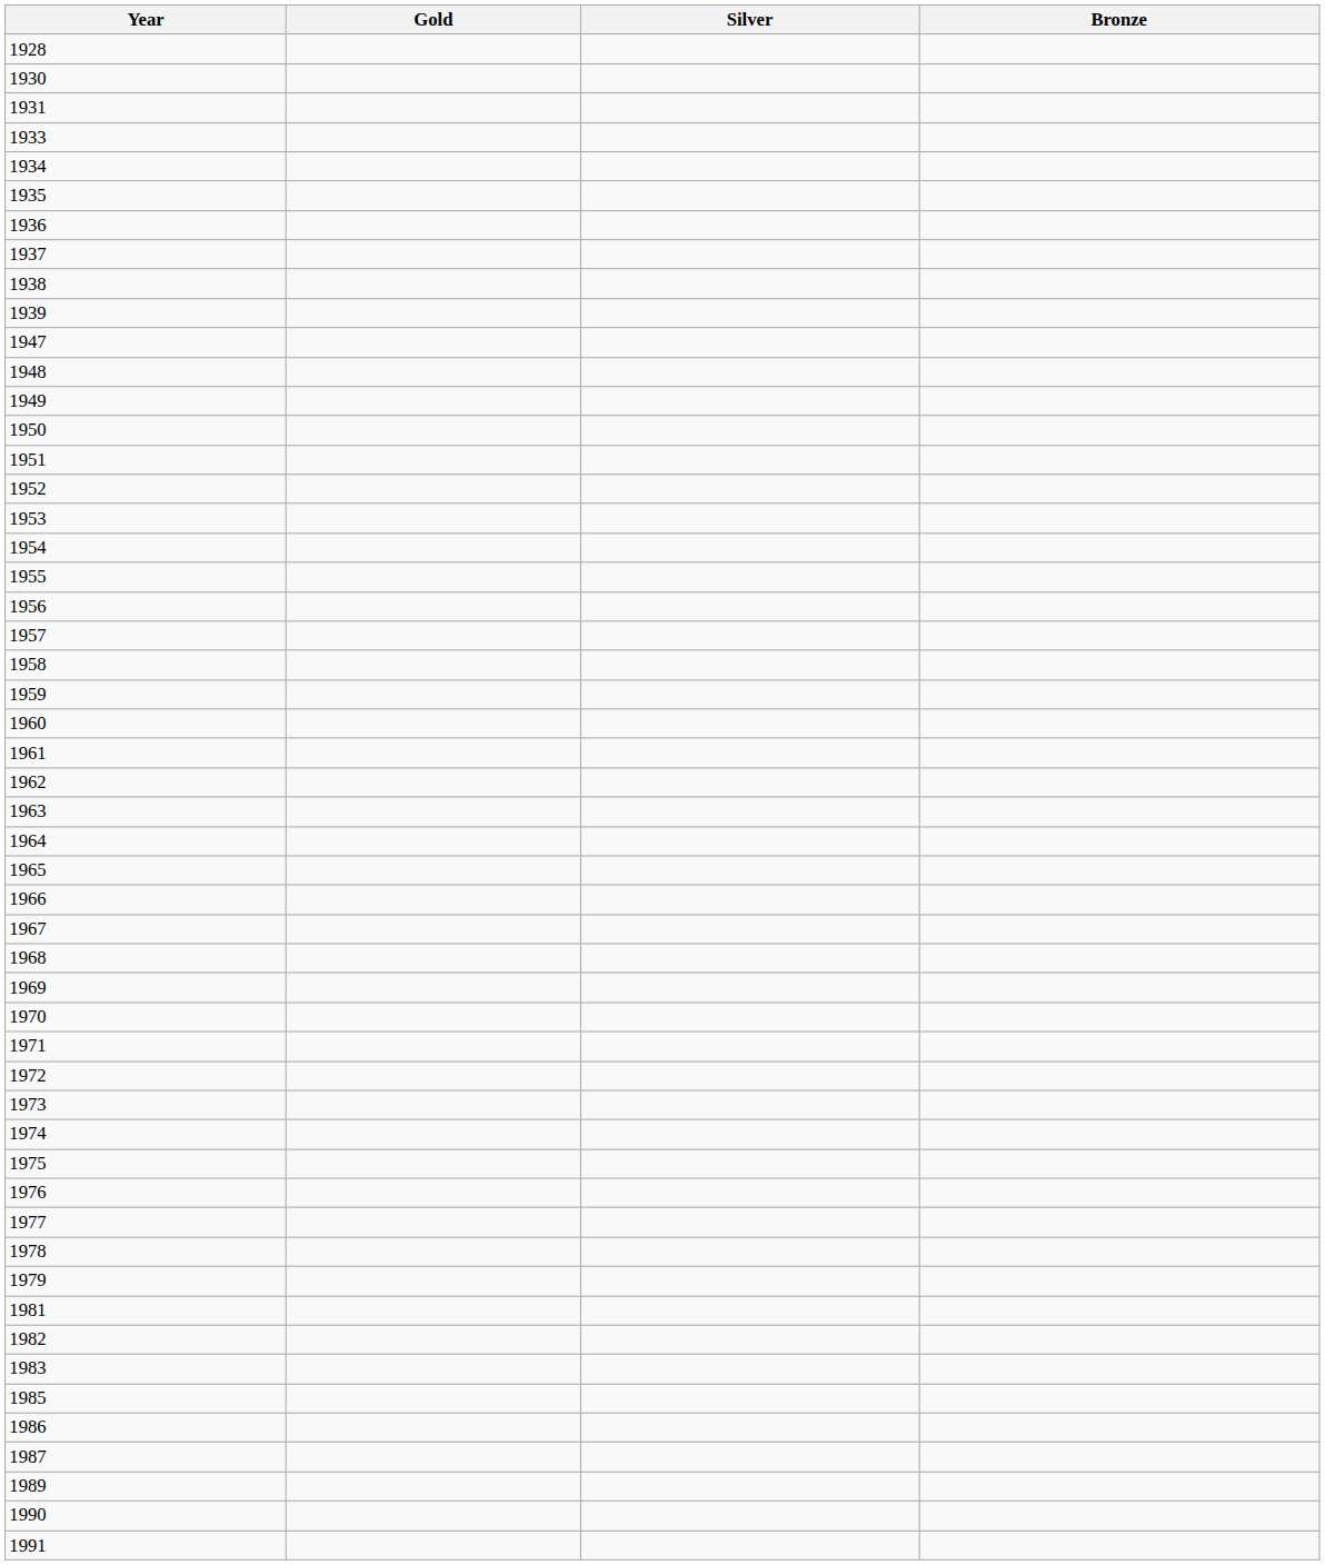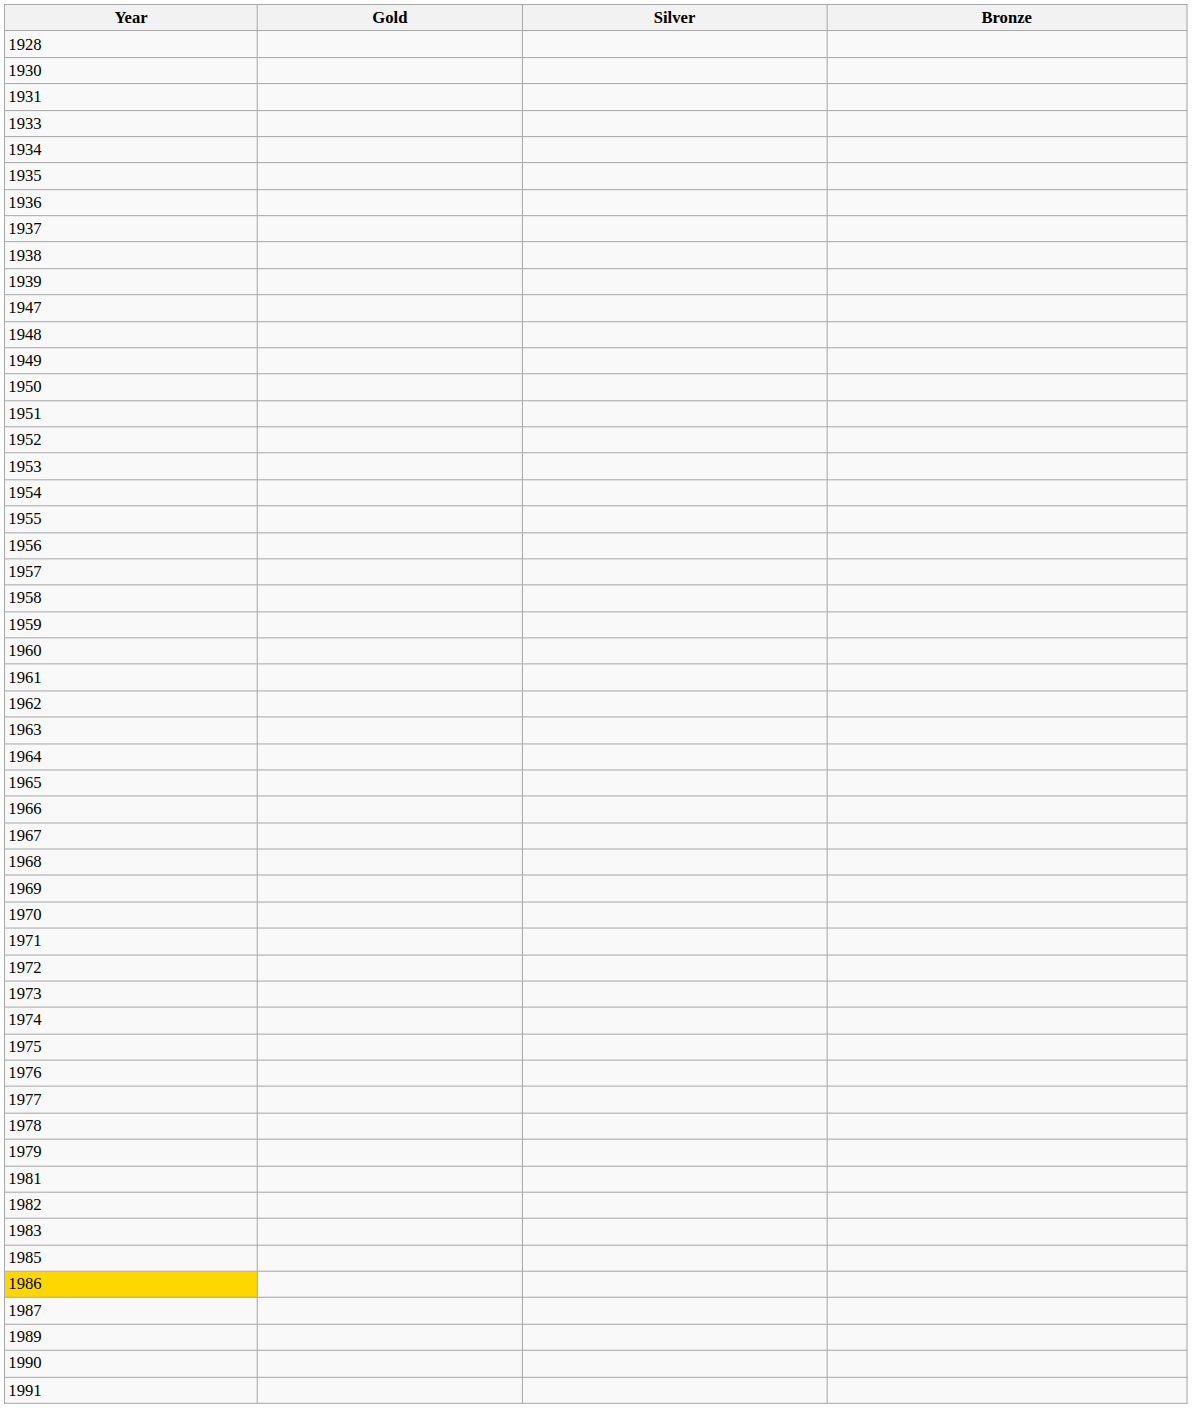 <table class="wikitable sortable" width="90%">
 <tr bgcolor="#efefef" align=left>
 <th>Year</th>
 <th>Gold</th>
 <th>Silver</th>
 <th>Bronze</th>
 </tr>
 <tr>
 <td>1928</td>
 <td></td>
 <td></td>
 <td></td>
 </tr>
 <tr>
 <td>1930</td>
 <td></td>
 <td></td>
 <td></td>
 </tr>
 <tr>
 <td>1931</td>
 <td></td>
 <td></td>
 <td></td>
 </tr>
 <tr>
 <td>1933</td>
 <td></td>
 <td></td>
 <td><br></td>
 </tr>
 <tr>
 <td>1934</td>
 <td></td>
 <td></td>
 <td></td>
 </tr>
 <tr>
 <td>1935</td>
 <td></td>
 <td></td>
 <td></td>
 </tr>
 <tr>
 <td>1936</td>
 <td></td>
 <td></td>
 <td><br></td>
 </tr>
 <tr>
 <td>1937</td>
 <td></td>
 <td></td>
 <td></td>
 </tr>
 <tr>
 <td>1938</td>
 <td></td>
 <td></td>
 <td></td>
 </tr>
 <tr>
 <td>1939</td>
 <td></td>
 <td></td>
 <td></td>
 </tr>
 <tr>
 <td>1947</td>
 <td></td>
 <td></td>
 <td></td>
 </tr>
 <tr>
 <td>1948</td>
 <td></td>
 <td></td>
 <td></td>
 </tr>
 <tr>
 <td>1949</td>
 <td></td>
 <td></td>
 <td></td>
 </tr>
 <tr>
 <td>1950</td>
 <td></td>
 <td></td>
 <td></td>
 </tr>
 <tr>
 <td>1951</td>
 <td></td>
 <td></td>
 <td></td>
 </tr>
 <tr>
 <td>1952</td>
 <td></td>
 <td></td>
 <td></td>
 </tr>
 <tr>
 <td>1953</td>
 <td></td>
 <td></td>
 <td></td>
 </tr>
 <tr>
 <td>1954</td>
 <td></td>
 <td></td>
 <td></td>
 </tr>
 <tr>
 <td>1955</td>
 <td></td>
 <td></td>
 <td></td>
 </tr>
 <tr>
 <td>1956</td>
 <td></td>
 <td></td>
 <td></td>
 </tr>
 <tr>
 <td>1957</td>
 <td></td>
 <td></td>
 <td></td>
 </tr>
 <tr>
 <td>1958</td>
 <td></td>
 <td></td>
 <td></td>
 </tr>
 <tr>
 <td>1959</td>
 <td></td>
 <td></td>
 <td></td>
 </tr>
 <tr>
 <td>1960</td>
 <td></td>
 <td></td>
 <td></td>
 </tr>
 <tr>
 <td>1961</td>
 <td></td>
 <td></td>
 <td></td>
 </tr>
 <tr>
 <td>1962</td>
 <td></td>
 <td></td>
 <td></td>
 </tr>
 <tr>
 <td>1963</td>
 <td></td>
 <td></td>
 <td></td>
 </tr>
 <tr>
 <td>1964</td>
 <td></td>
 <td></td>
 <td></td>
 </tr>
 <tr>
 <td>1965</td>
 <td></td>
 <td></td>
 <td></td>
 </tr>
 <tr>
 <td>1966</td>
 <td></td>
 <td></td>
 <td></td>
 </tr>
 <tr>
 <td>1967</td>
 <td></td>
 <td></td>
 <td></td>
 </tr>
 <tr>
 <td>1968</td>
 <td></td>
 <td></td>
 <td></td>
 </tr>
 <tr>
 <td>1969</td>
 <td></td>
 <td></td>
 <td></td>
 </tr>
 <tr>
 <td>1970</td>
 <td></td>
 <td></td>
 <td></td>
 </tr>
 <tr>
 <td>1971</td>
 <td></td>
 <td></td>
 <td></td>
 </tr>
 <tr>
 <td>1972</td>
 <td></td>
 <td></td>
 <td></td>
 </tr>
 <tr>
 <td>1973</td>
 <td></td>
 <td></td>
 <td></td>
 </tr>
 <tr>
 <td>1974</td>
 <td></td>
 <td></td>
 <td></td>
 </tr>
 <tr>
 <td>1975</td>
 <td></td>
 <td></td>
 <td></td>
 </tr>
 <tr>
 <td>1976</td>
 <td></td>
 <td></td>
 <td></td>
 </tr>
 <tr>
 <td>1977</td>
 <td></td>
 <td></td>
 <td></td>
 </tr>
 <tr>
 <td>1978</td>
 <td></td>
 <td></td>
 <td></td>
 </tr>
 <tr>
 <td>1979</td>
 <td></td>
 <td></td>
 <td></td>
 </tr>
 <tr>
 <td>1981</td>
 <td></td>
 <td></td>
 <td></td>
 </tr>
 <tr>
 <td>1982</td>
 <td></td>
 <td></td>
 <td></td>
 </tr>
 <tr>
 <td>1983</td>
 <td></td>
 <td></td>
 <td></td>
 </tr>
 <tr>
 <td>1985</td>
 <td></td>
 <td></td>
 <td></td>
 </tr>
 <tr>
-<td>1986</td>
+<td style="background: gold;">1986</td>
 <td></td>
 <td></td>
 <td></td>
 </tr>
 <tr>
 <td>1987</td>
 <td></td>
 <td></td>
 <td></td>
 </tr>
 <tr>
 <td>1989</td>
 <td></td>
 <td></td>
 <td></td>
 </tr>
 <tr>
 <td>1990</td>
 <td></td>
 <td></td>
 <td></td>
 </tr>
 <tr>
 <td>1991</td>
 <td></td>
 <td></td>
 <td></td>
 </tr>
 </table>
